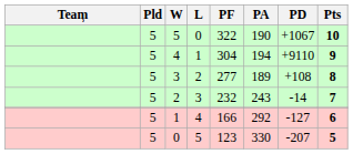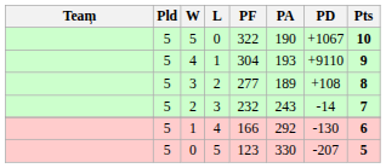 <table class=wikitable style="text-align:center">
 <tr>
 <th width=160>Team̹̹</th>
 <th width=20>Pld</th>
 <th width=20>W</th>
 <th width=20>L</th>
 <th width=35>PF</th>
 <th width=35>PA</th>
 <th width=35>PD</th>
 <th width=30>Pts</th>
 </tr>
 <tr style="background:#cfc;">
 <td align=left></td>
 <td>5</td>
 <td>5</td>
 <td>0</td>
 <td>322</td>
 <td>190</td>
 <td>+1067</td>
 <td><strong>10</strong></td>
 </tr>
 <tr style="background:#cfc;">
 <td align=left></td>
 <td>5</td>
 <td>4</td>
 <td>1</td>
 <td>304</td>
-<td>194</td>
+<td>193</td>
 <td>+9110</td>
 <td><strong>9</strong></td>
 </tr>
 <tr style="background:#cfc;">
 <td align=left></td>
 <td>5</td>
 <td>3</td>
 <td>2</td>
 <td>277</td>
 <td>189</td>
 <td>+108</td>
 <td><strong>8</strong></td>
 </tr>
 <tr style="background:#cfc;">
 <td align=left></td>
 <td>5</td>
 <td>2</td>
 <td>3</td>
 <td>232</td>
 <td>243</td>
 <td>-14</td>
 <td><strong>7</strong></td>
 </tr>
 <tr style="background:#fcc;">
 </tr>
 <tr style="background:#fcc;">
 <td align=left></td>
 <td>5</td>
 <td>1</td>
 <td>4</td>
 <td>166</td>
 <td>292</td>
-<td>-127</td>
+<td>-130</td>
 <td><strong>6</strong></td>
 </tr>
 <tr style="background:#fcc;">
 <td align=left></td>
 <td>5</td>
 <td>0</td>
 <td>5</td>
 <td>123</td>
 <td>330</td>
 <td>-207</td>
 <td><strong>5</strong></td>
 </tr>
 </table>
